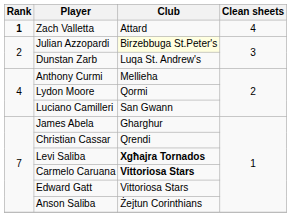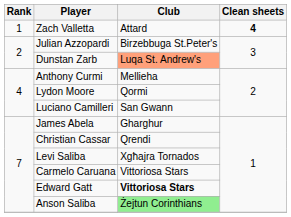 <table class="wikitable">
 <tr>
 <th>Rank</th>
 <th>Player</th>
 <th>Club</th>
 <th>Clean sheets</th>
 </tr>
 <tr>
-<td align="center"rowspan="1"><strong>1</strong></td>
+<td align="center"rowspan="1">1</td>
 <td> Zach Valletta</td>
 <td>Attard</td>
-<td align="center"rowspan="1">4</td>
+<td align="center"rowspan="1"><strong>4</strong></td>
 </tr>
 <tr>
 <td align="center"rowspan="2">2</td>
 <td> Julian Azzopardi</td>
-<td style="background: lightyellow;">Birzebbuga St.Peter's</td>
+<td>Birzebbuga St.Peter's</td>
 <td align="center"rowspan="2">3</td>
 </tr>
 <tr>
 <td> Dunstan Zarb</td>
-<td>Luqa St. Andrew's</td>
+<td style="background: lightsalmon;">Luqa St. Andrew's</td>
 </tr>
 <tr>
 <td align="center"rowspan="3">4</td>
 <td> Anthony Curmi</td>
 <td>Mellieha</td>
 <td align="center"rowspan="3">2</td>
 </tr>
 <tr>
 <td> Lydon Moore</td>
 <td>Qormi</td>
 </tr>
 <tr>
 <td> Luciano Camilleri</td>
 <td>San Gwann</td>
 </tr>
 <tr>
 <td align="center"rowspan="6">7</td>
 <td> James Abela</td>
 <td>Gharghur</td>
 <td align="center"rowspan="6">1</td>
 </tr>
 <tr>
 <td> Christian Cassar</td>
 <td>Qrendi</td>
 </tr>
 <tr>
 <td> Levi Saliba</td>
-<td><strong>Xgħajra Tornados</strong></td>
+<td>Xgħajra Tornados</td>
 </tr>
 <tr>
 <td> Carmelo Caruana</td>
+<td>Vittoriosa Stars</td>
+</tr>
+<tr>
+<td> Edward Gatt</td>
 <td><strong>Vittoriosa Stars</strong></td>
 </tr>
 <tr>
-<td> Edward Gatt</td>
-<td>Vittoriosa Stars</td>
-</tr>
-<tr>
 <td> Anson Saliba</td>
-<td>Żejtun Corinthians</td>
+<td style="background: lightgreen;">Żejtun Corinthians</td>
 </tr>
 <tr>
 </tr>
 </table>
